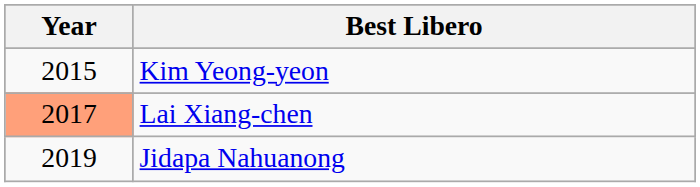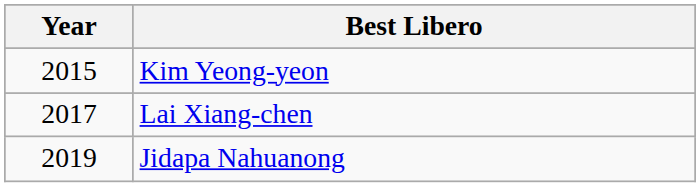 <table class="wikitable" style="width: 400px;">
 <tr>
 <th width="40">Year</th>
 <th width="200">Best Libero</th>
 </tr>
 <tr>
 <td align=center>2015</td>
 <td> <a href='#'>Kim Yeong-yeon</a></td>
 </tr>
 <tr>
-<td align=center style="background: lightsalmon;">2017</td>
+<td align=center>2017</td>
 <td> <a href='#'>Lai Xiang-chen</a></td>
 </tr>
 <tr>
 <td align=center>2019</td>
 <td> <a href='#'>Jidapa Nahuanong</a></td>
 </tr>
 </table>
